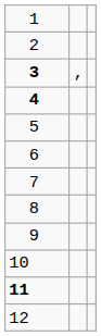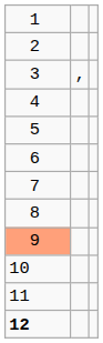 <table class="wikitable">
 <tr>
 <td>  1</td>
 <td></td>
 <td></td>
 </tr>
 <tr>
 <td>  2</td>
 <td></td>
 <td></td>
 </tr>
 <tr>
-<td><strong>  3</strong></td>
+<td>  3</td>
 <td>,</td>
 <td> </td>
 </tr>
 <tr>
-<td><strong>  4</strong></td>
+<td>  4</td>
 <td></td>
 <td></td>
 </tr>
 <tr>
 <td>  5  </td>
 <td></td>
 <td></td>
 </tr>
 <tr>
 <td>  6</td>
 <td></td>
 <td></td>
 </tr>
 <tr>
 <td>  7</td>
 <td></td>
 <td></td>
 </tr>
 <tr>
 <td>  8</td>
 <td></td>
 <td></td>
 </tr>
 <tr>
-<td>  9</td>
+<td style="background: lightsalmon;">  9</td>
 <td></td>
 <td></td>
 </tr>
 <tr>
 <td>10</td>
 <td></td>
 <td></td>
 </tr>
 <tr>
-<td><strong>11</strong></td>
+<td>11</td>
 <td></td>
 <td></td>
 </tr>
 <tr>
-<td>12</td>
+<td><strong>12</strong></td>
 <td></td>
 <td></td>
 </tr>
 </table>
